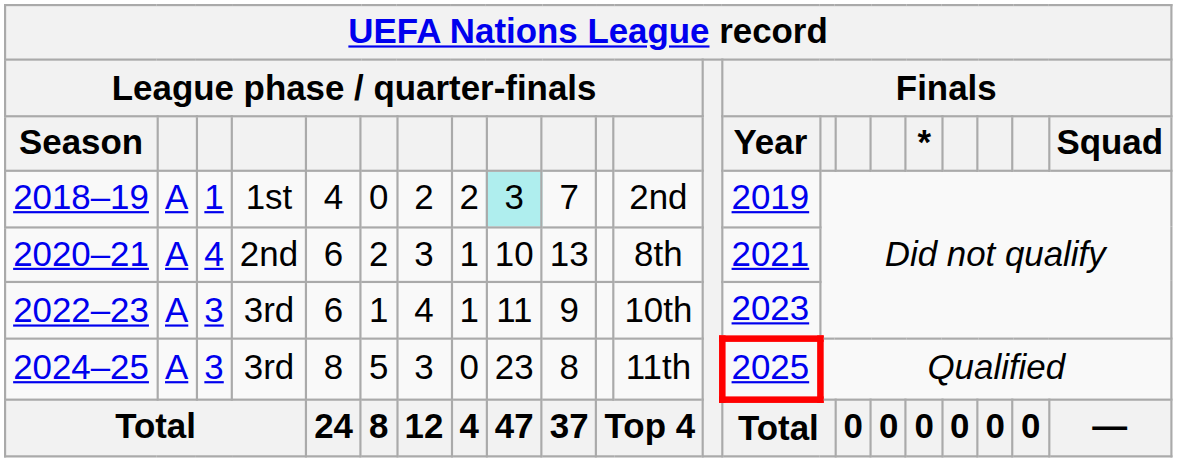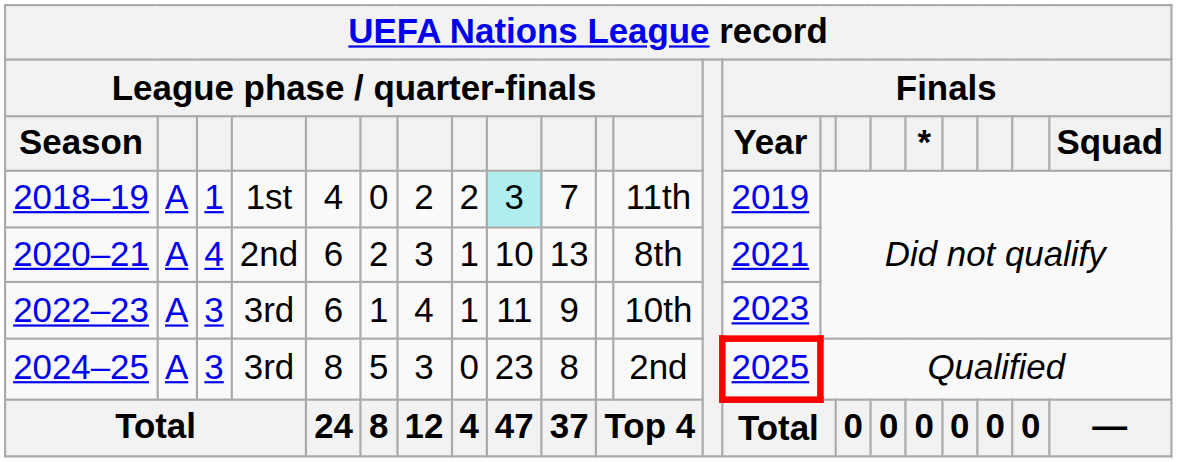 <table class="wikitable" style="text-align:center">
 <tr>
 <th colspan="22"><a href='#'>UEFA Nations League</a> record</th>
 </tr>
 <tr>
 <th colspan="12">League phase / quarter-finals</th>
 <th rowspan="7"></th>
 <th colspan="9">Finals</th>
 </tr>
 <tr>
 <th>Season</th>
 <th></th>
 <th></th>
 <th></th>
 <th></th>
 <th></th>
 <th></th>
 <th></th>
 <th></th>
 <th></th>
 <th></th>
 <th></th>
 <th>Year</th>
 <th></th>
 <th></th>
 <th></th>
 <th>*</th>
 <th></th>
 <th></th>
 <th></th>
 <th>Squad</th>
 </tr>
 <tr>
 <td><a href='#'>2018–19</a></td>
 <td><a href='#'>A</a></td>
 <td><a href='#'>1</a></td>
 <td>1st</td>
 <td>4</td>
 <td>0</td>
 <td>2</td>
 <td>2</td>
 <td style="background: paleturquoise;">3</td>
 <td>7</td>
 <td></td>
-<td>2nd</td>
+<td>11th</td>
 <td> <a href='#'>2019</a></td>
 <td colspan="8" rowspan="3"><em>Did not qualify</em></td>
 </tr>
 <tr>
 <td><a href='#'>2020–21</a></td>
 <td><a href='#'>A</a></td>
 <td><a href='#'>4</a></td>
 <td>2nd</td>
 <td>6</td>
 <td>2</td>
 <td>3</td>
 <td>1</td>
 <td>10</td>
 <td>13</td>
 <td></td>
 <td>8th</td>
 <td> <a href='#'>2021</a></td>
 </tr>
 <tr>
 <td><a href='#'>2022–23</a></td>
 <td><a href='#'>A</a></td>
 <td><a href='#'>3</a></td>
 <td>3rd</td>
 <td>6</td>
 <td>1</td>
 <td>4</td>
 <td>1</td>
 <td>11</td>
 <td>9</td>
 <td></td>
 <td>10th</td>
 <td> <a href='#'>2023</a></td>
 </tr>
 <tr>
 <td><a href='#'>2024–25</a></td>
 <td><a href='#'>A</a></td>
 <td><a href='#'>3</a></td>
 <td>3rd</td>
 <td>8</td>
 <td>5</td>
 <td>3</td>
 <td>0</td>
 <td>23</td>
 <td>8</td>
 <td></td>
-<td>11th</td>
+<td>2nd</td>
 <td style="border: 3px solid red"> <a href='#'>2025</a></td>
 <td colspan="8"><em>Qualified</em></td>
 </tr>
 <tr>
 <th colspan="4" style="background:#;">Total</th>
 <th style="background:#;">24</th>
 <th style="background:#;">8</th>
 <th style="background:#;">12</th>
 <th style="background:#;">4</th>
 <th style="background:#;">47</th>
 <th style="background:#;">37</th>
 <th style="background:#;" colspan="2">Top 4</th>
 <th colspan="2" style="background:#;">Total</th>
 <th style="background:#;">0</th>
 <th style="background:#;">0</th>
 <th style="background:#;">0</th>
 <th style="background:#;">0</th>
 <th style="background:#;">0</th>
 <th style="background:#;">0</th>
 <th style="background:#;">—</th>
 </tr>
 </table>
